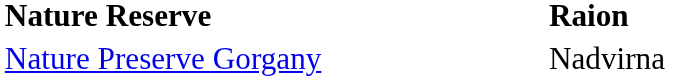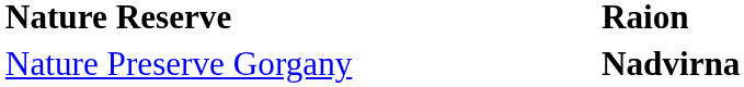 <table class=toccolours>
 <tr align=left>
 <th style="width:275px;">Nature Reserve</th>
 <th>Raion</th>
 </tr>
 <tr>
 <td><a href='#'>Nature Preserve Gorgany</a></td>
-<td>Nadvirna</td>
+<td><strong>Nadvirna</strong></td>
 </tr>
 </table>
